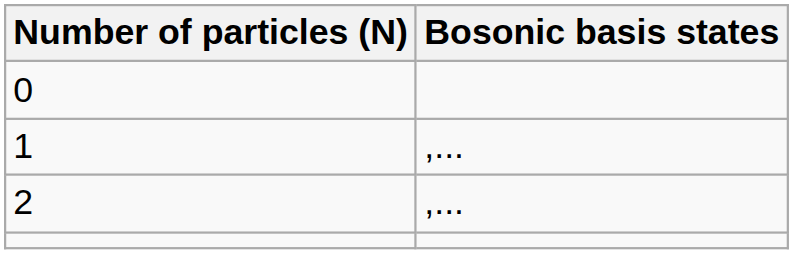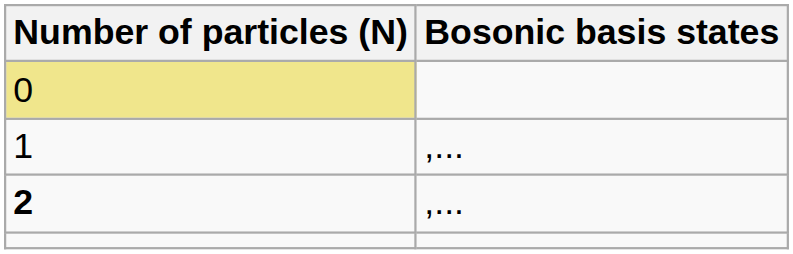 <table class="wikitable">
 <tr>
 <th>Number of particles (N)</th>
 <th>Bosonic basis states</th>
 </tr>
 <tr>
-<td>0</td>
+<td style="background: khaki;">0</td>
 <td></td>
 </tr>
 <tr>
 <td>1</td>
 <td>,...</td>
 </tr>
 <tr>
-<td>2</td>
+<td><strong>2</strong></td>
 <td>,...</td>
 </tr>
 <tr>
 <td></td>
 <td></td>
 </tr>
 </table>
